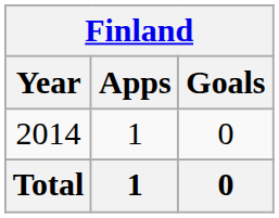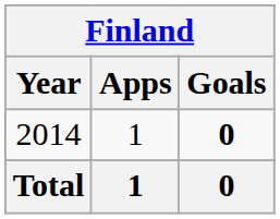 <table class=wikitable style=text-align:center>
 <tr>
 <th colspan=4><a href='#'>Finland</a></th>
 </tr>
 <tr>
 <th>Year</th>
 <th>Apps</th>
 <th>Goals</th>
 </tr>
 <tr>
 <td>2014</td>
 <td>1</td>
-<td>0</td>
+<td><strong>0</strong></td>
 </tr>
 <tr>
 <th colspan=1>Total</th>
 <th>1</th>
 <th>0</th>
 </tr>
 </table>
